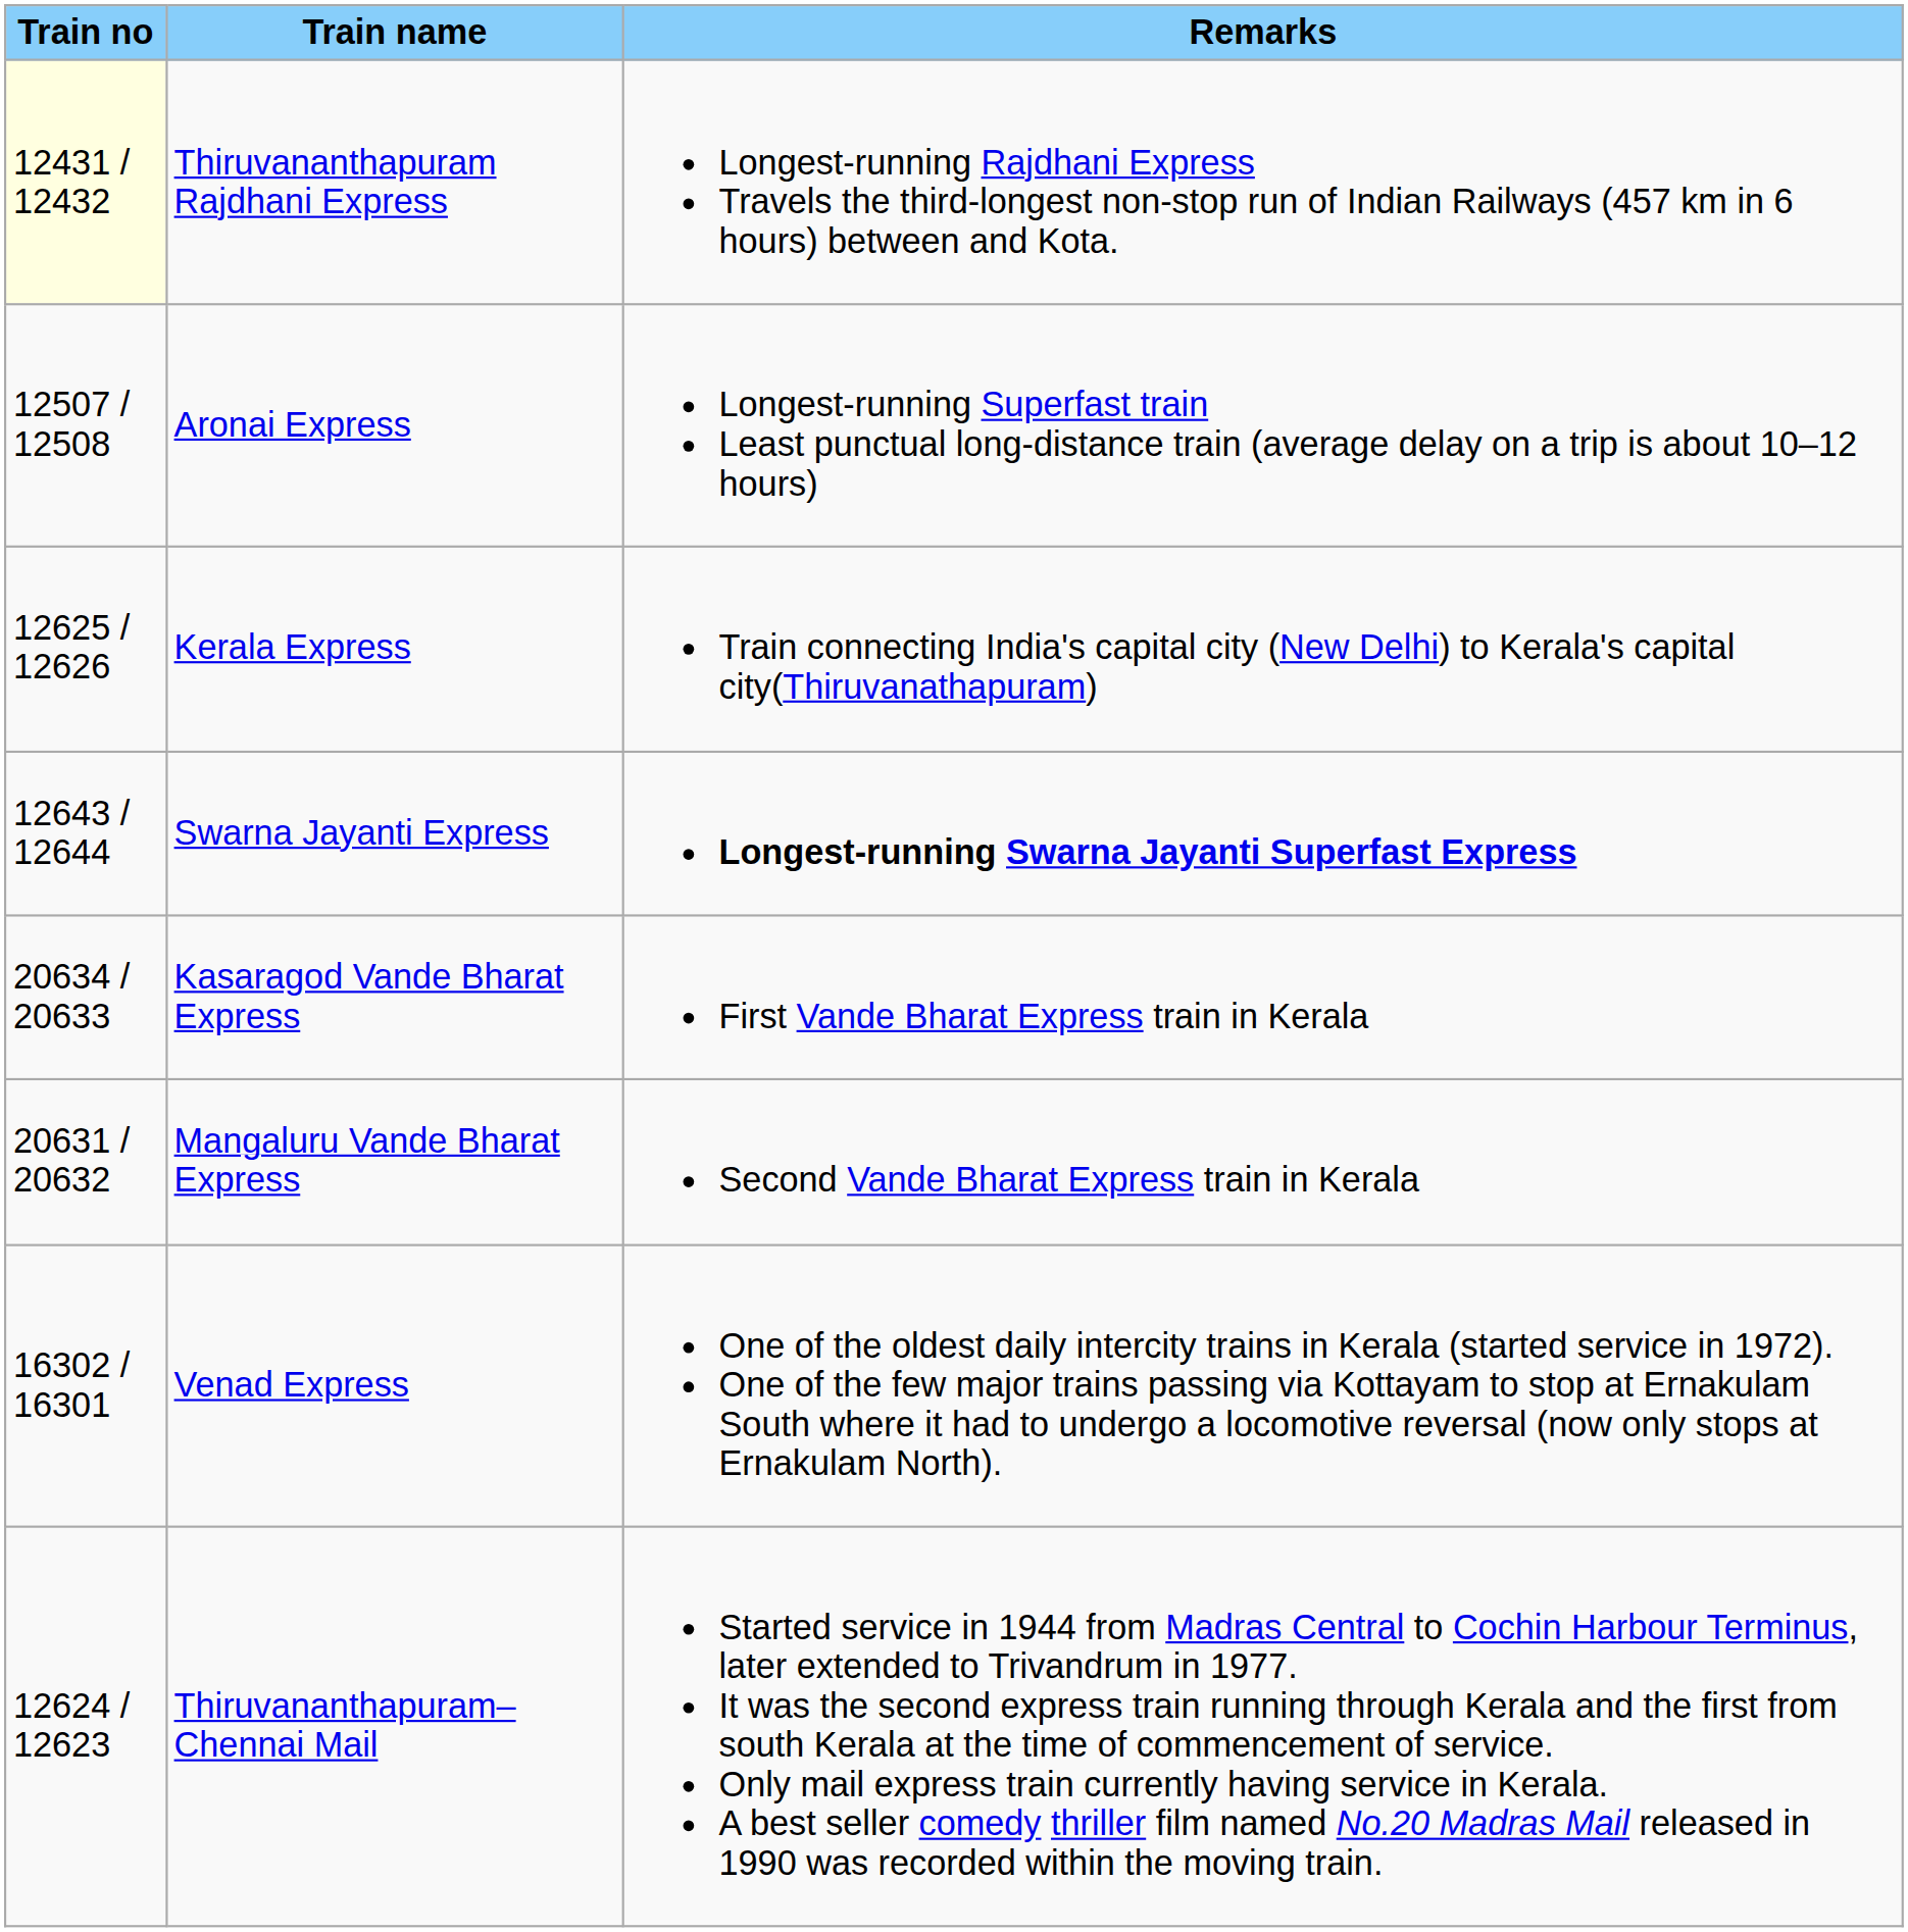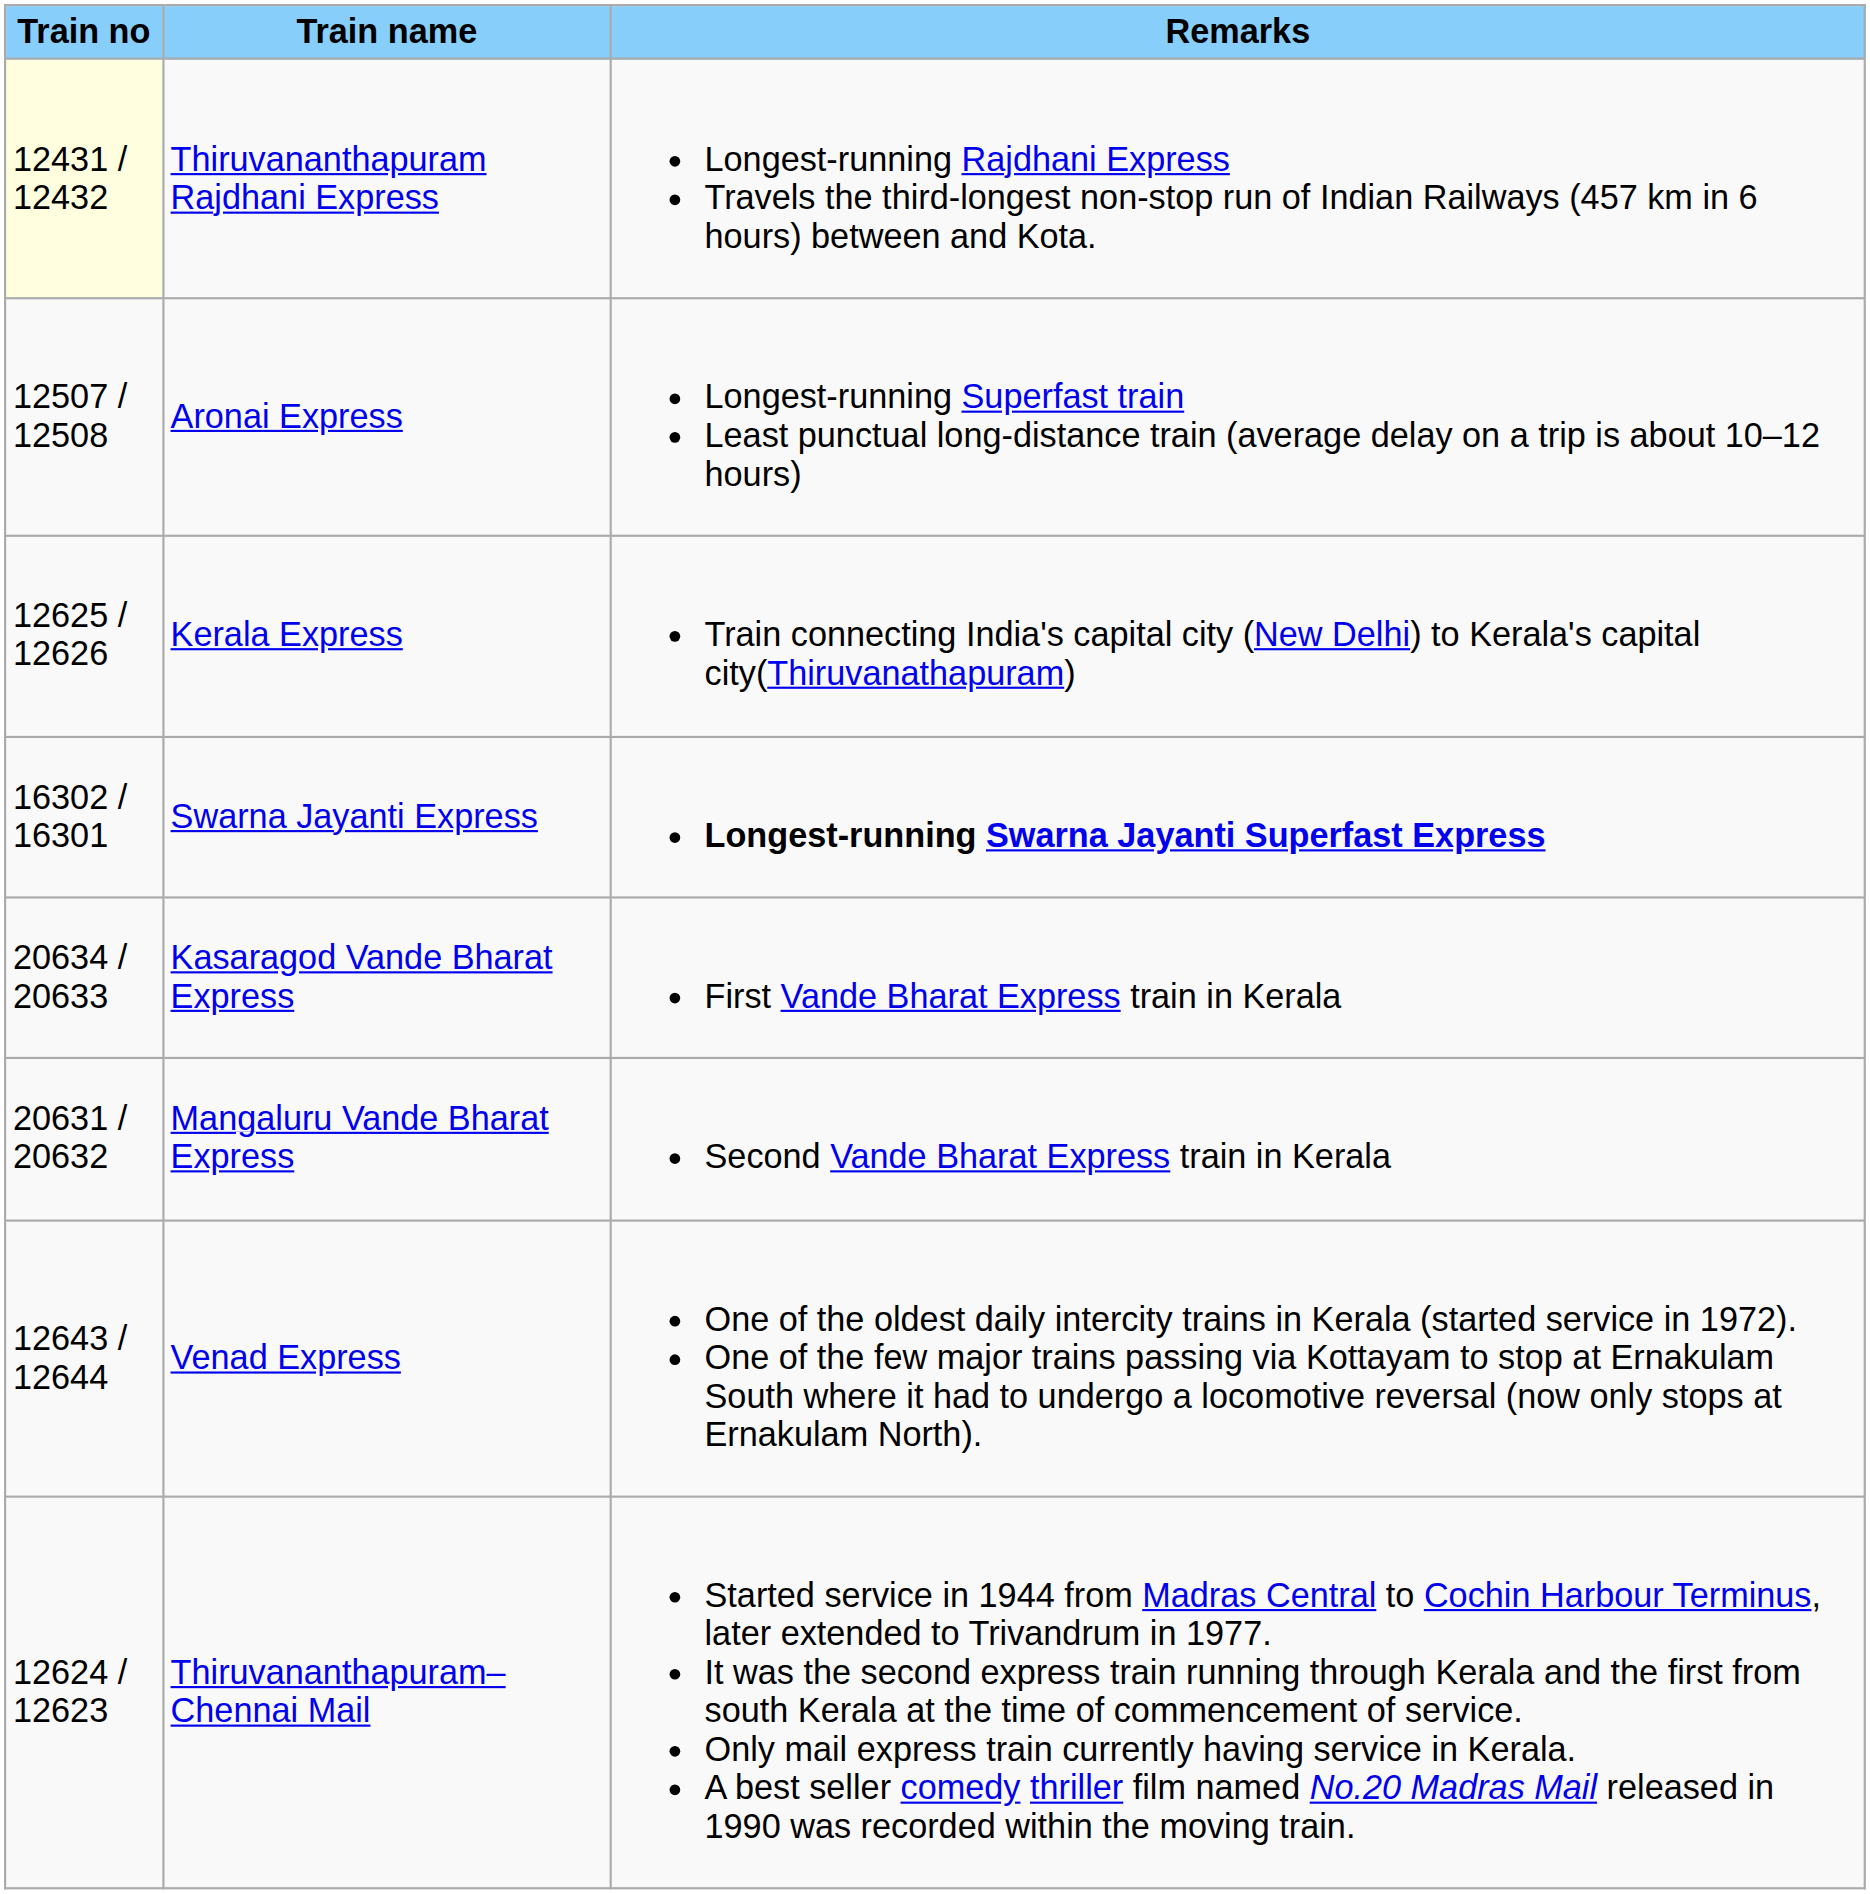 <table class="wikitable non sortable" style="width:870px;">
 <tr>
 <th ! style="background:lightskyblue;">Train no</th>
 <th ! style="background:lightskyblue;">Train name</th>
 <th ! colspan="4" style="background:lightskyblue;">Remarks</th>
 </tr>
 <tr>
 <td style="background: lightyellow;">12431 / 12432</td>
 <td><a href='#'>Thiruvananthapuram Rajdhani Express</a></td>
 <td><br><ul><li>Longest-running <a href='#'>Rajdhani Express</a></li><li>Travels the third-longest non-stop run of Indian Railways (457 km in 6 hours) between  and Kota.</li></ul></td>
 </tr>
 <tr>
 <td>12507 / 12508</td>
 <td><a href='#'>Aronai Express</a></td>
 <td><br><ul><li>Longest-running <a href='#'>Superfast train</a></li><li>Least punctual long-distance train (average delay on a trip is about 10–12 hours)</li></ul></td>
 </tr>
 <tr>
 <td>12625 / 12626</td>
 <td><a href='#'>Kerala Express</a></td>
 <td><br><ul><li>Train connecting India's capital city (<a href='#'>New Delhi</a>) to Kerala's capital city(<a href='#'>Thiruvanathapuram</a>)</li></ul></td>
 </tr>
 <tr>
-<td>12643 / 12644</td>
+<td>16302 / 16301</td>
 <td><a href='#'>Swarna Jayanti Express</a></td>
 <td><strong><br><ul><li>Longest-running <a href='#'>Swarna Jayanti Superfast Express</a></li></ul></strong></td>
 </tr>
 <tr>
 <td>20634 / 20633</td>
 <td><a href='#'>Kasaragod Vande Bharat Express</a></td>
 <td><br><ul><li>First <a href='#'>Vande Bharat Express</a> train in Kerala</li></ul></td>
 </tr>
 <tr>
 <td>20631 / 20632</td>
 <td><a href='#'>Mangaluru Vande Bharat Express</a></td>
 <td><br><ul><li>Second <a href='#'>Vande Bharat Express</a> train in Kerala</li></ul></td>
 </tr>
 <tr>
-<td>16302 / 16301</td>
+<td>12643 / 12644</td>
 <td><a href='#'>Venad Express</a></td>
 <td><br><ul><li>One of the oldest daily intercity trains in Kerala (started service in 1972).</li><li>One of the few major trains passing via Kottayam to stop at Ernakulam South where it had to undergo a locomotive reversal (now only stops at Ernakulam North).</li></ul></td>
 </tr>
 <tr>
 <td>12624 / 12623</td>
 <td><a href='#'>Thiruvananthapuram–Chennai Mail</a></td>
 <td><br><ul><li>Started service in 1944 from <a href='#'>Madras Central</a> to <a href='#'>Cochin Harbour Terminus</a>, later extended to Trivandrum in 1977.</li><li>It was the second express train running through Kerala and the first from south Kerala at the time of commencement of service.</li><li>Only mail express train currently having service in Kerala.</li><li>A best seller <a href='#'>comedy</a> <a href='#'>thriller</a> film named <em><a href='#'>No.20 Madras Mail</a></em> released in 1990 was recorded within the moving train.</li></ul></td>
 </tr>
 </table>
